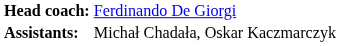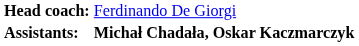 <table>
 <tr>
 <td><strong>Head coach:</strong></td>
 <td> <a href='#'>Ferdinando De Giorgi</a></td>
 </tr>
 <tr>
 <td><strong>Assistants:</strong></td>
-<td> Michał Chadała,  Oskar Kaczmarczyk</td>
+<td><strong> Michał Chadała,  Oskar Kaczmarczyk</strong></td>
 </tr>
 <tr>
 </tr>
 </table>
